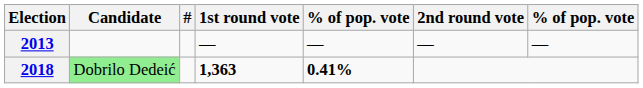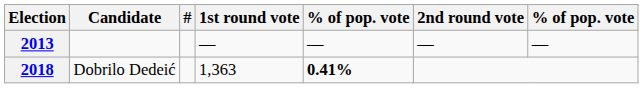 <table class="wikitable">
 <tr>
 <th>Election</th>
 <th>Candidate</th>
 <th>#</th>
 <th>1st round vote</th>
 <th>% of pop. vote</th>
 <th>2nd round vote</th>
 <th>% of pop. vote</th>
 </tr>
 <tr>
 <th><a href='#'>2013</a></th>
 <td></td>
 <td></td>
 <td>—</td>
 <td>—</td>
 <td>—</td>
 <td>—</td>
 </tr>
 <tr>
 <th><a href='#'>2018</a></th>
-<td style="background: lightgreen;">Dobrilo Dedeić</td>
+<td>Dobrilo Dedeić</td>
 <td></td>
-<td><strong>1,363</strong></td>
+<td>1,363</td>
 <td><strong>0.41%</strong></td>
 </tr>
 </table>
